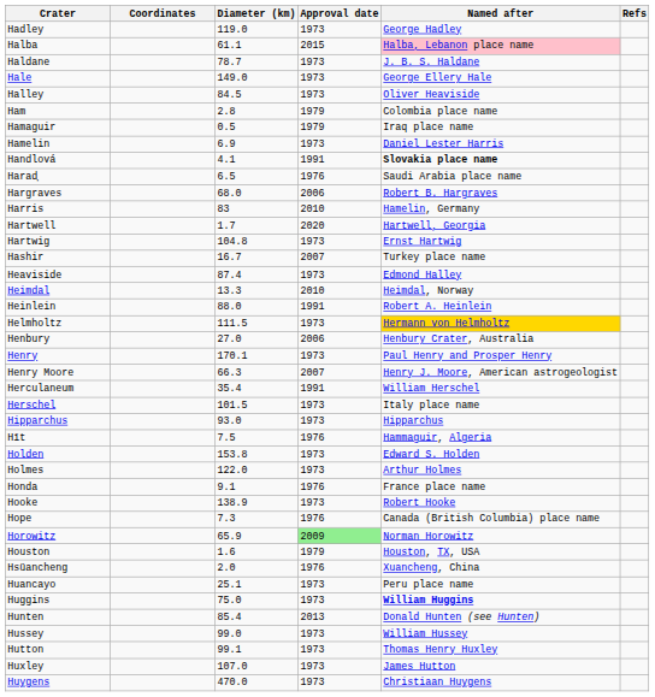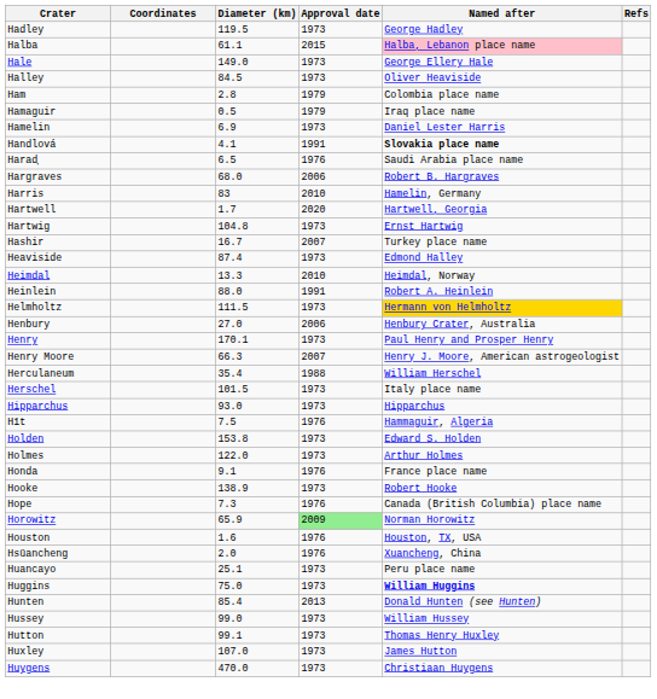 <table class="wikitable" style="min-width: 90%;">
 <tr>
 <th style="width:10em">Crater</th>
 <th style="width:10em">Coordinates</th>
 <th>Diameter (km)</th>
 <th>Approval date</th>
 <th>Named after</th>
 <th>Refs</th>
 </tr>
 <tr id="Hadley">
 <td>Hadley</td>
 <td></td>
-<td>119.0</td>
+<td>119.5</td>
 <td>1973</td>
 <td><a href='#'>George Hadley</a></td>
 <td></td>
 </tr>
 <tr id="Halba">
 <td>Halba</td>
 <td></td>
 <td>61.1</td>
 <td>2015</td>
 <td style="background: pink;"><a href='#'>Halba, Lebanon</a> place name</td>
-<td></td>
-</tr>
-<tr id="Haldane">
-<td>Haldane</td>
-<td></td>
-<td>78.7</td>
-<td>1973</td>
-<td><a href='#'>J. B. S. Haldane</a></td>
 <td></td>
 </tr>
 <tr id="Hale">
 <td><a href='#'>Hale</a></td>
 <td></td>
 <td>149.0</td>
 <td>1973</td>
 <td><a href='#'>George Ellery Hale</a></td>
 <td></td>
 </tr>
 <tr id="Halley">
 <td>Halley</td>
 <td></td>
 <td>84.5</td>
 <td>1973</td>
 <td><a href='#'>Oliver Heaviside</a></td>
 <td></td>
 </tr>
 <tr id="Ham">
 <td>Ham</td>
 <td></td>
 <td>2.8</td>
 <td>1979</td>
 <td>Colombia place name</td>
 <td></td>
 </tr>
 <tr id="Hamaguir">
 <td>Hamaguir</td>
 <td></td>
 <td>0.5</td>
 <td>1979</td>
 <td>Iraq place name</td>
 <td></td>
 </tr>
 <tr id="Hamelin">
 <td>Hamelin</td>
 <td></td>
 <td>6.9</td>
 <td>1973</td>
 <td><a href='#'>Daniel Lester Harris</a></td>
 <td></td>
 </tr>
 <tr id="Handlova">
 <td>Handlová</td>
 <td></td>
 <td>4.1</td>
 <td>1991</td>
 <td><strong>Slovakia place name</strong></td>
 <td></td>
 </tr>
 <tr id="Harad">
 <td>Harad̦</td>
 <td></td>
 <td>6.5</td>
 <td>1976</td>
 <td>Saudi Arabia place name</td>
 <td></td>
 </tr>
 <tr id="Hargraves">
 <td>Hargraves</td>
 <td></td>
 <td>68.0</td>
 <td>2006</td>
 <td><a href='#'>Robert B. Hargraves</a></td>
 <td></td>
 </tr>
 <tr id="Harris">
 <td>Harris</td>
 <td></td>
 <td>83</td>
 <td>2010</td>
 <td><a href='#'>Hamelin</a>, Germany</td>
 <td></td>
 </tr>
 <tr id="Hartwell">
 <td>Hartwell</td>
 <td></td>
 <td>1.7</td>
 <td>2020</td>
 <td><a href='#'>Hartwell, Georgia</a></td>
 <td></td>
 </tr>
 <tr id="Hartwig">
 <td>Hartwig</td>
 <td></td>
 <td>104.8</td>
 <td>1973</td>
 <td><a href='#'>Ernst Hartwig</a></td>
 <td></td>
 </tr>
 <tr id="Hashir">
 <td>Hashir</td>
 <td></td>
 <td>16.7</td>
 <td>2007</td>
 <td>Turkey place name</td>
 <td></td>
 </tr>
 <tr id="Heaviside">
 <td>Heaviside</td>
 <td></td>
 <td>87.4</td>
 <td>1973</td>
 <td><a href='#'>Edmond Halley</a></td>
 <td></td>
 </tr>
 <tr id="Heimdal">
 <td><a href='#'>Heimdal</a></td>
 <td></td>
 <td>13.3</td>
 <td>2010</td>
 <td><a href='#'>Heimdal</a>, Norway</td>
 <td></td>
 </tr>
 <tr id="Heinlein">
 <td>Heinlein</td>
 <td></td>
 <td>88.0</td>
 <td>1991</td>
 <td><a href='#'>Robert A. Heinlein</a></td>
 <td></td>
 </tr>
 <tr id="Helmholtz">
 <td>Helmholtz</td>
 <td></td>
 <td>111.5</td>
 <td>1973</td>
 <td style="background: gold;"><a href='#'>Hermann von Helmholtz</a></td>
 <td></td>
 </tr>
 <tr id="Henbury">
 <td>Henbury</td>
 <td></td>
 <td>27.0</td>
 <td>2006</td>
 <td><a href='#'>Henbury Crater</a>, Australia</td>
 <td></td>
 </tr>
 <tr id="Henry">
 <td><a href='#'>Henry</a></td>
 <td></td>
 <td>170.1</td>
 <td>1973</td>
 <td><a href='#'>Paul Henry and Prosper Henry</a></td>
 <td></td>
 </tr>
 <tr id="Henry Moore">
 <td>Henry Moore</td>
 <td></td>
 <td>66.3</td>
 <td>2007</td>
 <td><a href='#'>Henry J. Moore</a>, American astrogeologist</td>
 <td></td>
 </tr>
 <tr id="Herculaneum">
 <td>Herculaneum</td>
 <td></td>
 <td>35.4</td>
-<td>1991</td>
+<td>1988</td>
 <td><a href='#'>William Herschel</a></td>
 <td></td>
 </tr>
 <tr id="Herschel">
 <td><a href='#'>Herschel</a></td>
 <td></td>
 <td>101.5</td>
 <td>1973</td>
 <td>Italy place name</td>
 <td></td>
 </tr>
 <tr id="Hipparchus">
 <td><a href='#'>Hipparchus</a></td>
 <td></td>
 <td>93.0</td>
 <td>1973</td>
 <td><a href='#'>Hipparchus</a></td>
 <td></td>
 </tr>
 <tr id="Hit">
 <td>Hīt</td>
 <td></td>
 <td>7.5</td>
 <td>1976</td>
 <td><a href='#'>Hammaguir</a>, <a href='#'>Algeria</a></td>
 <td></td>
 </tr>
 <tr id="Holden">
 <td><a href='#'>Holden</a></td>
 <td></td>
 <td>153.8</td>
 <td>1973</td>
 <td><a href='#'>Edward S. Holden</a></td>
 <td></td>
 </tr>
 <tr id="Holmes">
 <td>Holmes</td>
 <td></td>
 <td>122.0</td>
 <td>1973</td>
 <td><a href='#'>Arthur Holmes</a></td>
 <td></td>
 </tr>
 <tr id="Honda">
 <td>Honda</td>
 <td></td>
 <td>9.1</td>
 <td>1976</td>
 <td>France place name</td>
 <td></td>
 </tr>
 <tr id="Hooke">
 <td>Hooke</td>
 <td></td>
 <td>138.9</td>
 <td>1973</td>
 <td><a href='#'>Robert Hooke</a></td>
 <td></td>
 </tr>
 <tr id="Hope">
 <td>Hope</td>
 <td></td>
 <td>7.3</td>
 <td>1976</td>
 <td>Canada (British Columbia) place name</td>
 <td></td>
 </tr>
 <tr id="Horowitz">
 <td><a href='#'>Horowitz</a></td>
 <td></td>
 <td>65.9</td>
 <td style="background: lightgreen;">2009</td>
 <td><a href='#'>Norman Horowitz</a></td>
 <td></td>
 </tr>
 <tr id="Houston">
 <td>Houston</td>
 <td></td>
 <td>1.6</td>
-<td>1979</td>
+<td>1976</td>
 <td><a href='#'>Houston</a>, <a href='#'>TX</a>, USA</td>
 <td></td>
 </tr>
 <tr id="Hsüanch">
 <td>Hsüancheng</td>
 <td></td>
 <td>2.0</td>
 <td>1976</td>
 <td><a href='#'>Xuancheng</a>, China</td>
 <td></td>
 </tr>
 <tr id="Huancayo">
 <td>Huancayo</td>
 <td></td>
 <td>25.1</td>
 <td>1973</td>
 <td>Peru place name</td>
 <td></td>
 </tr>
 <tr id="Huggins">
 <td>Huggins</td>
 <td></td>
 <td>75.0</td>
 <td>1973</td>
 <td><strong><a href='#'>William Huggins</a></strong></td>
 <td></td>
 </tr>
 <tr id="Hunten">
 <td>Hunten</td>
 <td></td>
 <td>85.4</td>
 <td>2013</td>
 <td><a href='#'>Donald Hunten</a> <em>(see <a href='#'>Hunten</a>)</em></td>
 <td></td>
 </tr>
 <tr id="Hussey">
 <td>Hussey</td>
 <td></td>
 <td>99.0</td>
 <td>1973</td>
 <td><a href='#'>William Hussey</a></td>
 <td></td>
 </tr>
 <tr id="Hutton">
 <td>Hutton</td>
 <td></td>
 <td>99.1</td>
 <td>1973</td>
 <td><a href='#'>Thomas Henry Huxley</a></td>
 <td></td>
 </tr>
 <tr id="Huxley">
 <td>Huxley</td>
 <td></td>
 <td>107.0</td>
 <td>1973</td>
 <td><a href='#'>James Hutton</a></td>
 <td></td>
 </tr>
 <tr id="Huygens">
 <td><a href='#'>Huygens</a></td>
 <td></td>
 <td>470.0</td>
 <td>1973</td>
 <td><a href='#'>Christiaan Huygens</a></td>
 <td></td>
 </tr>
 </table>
